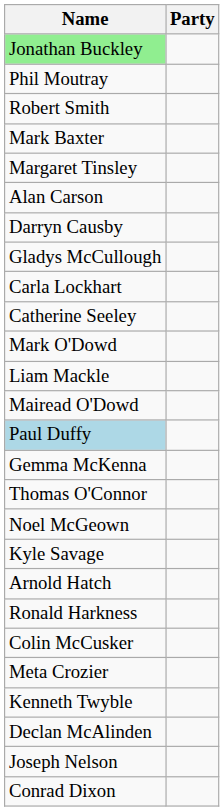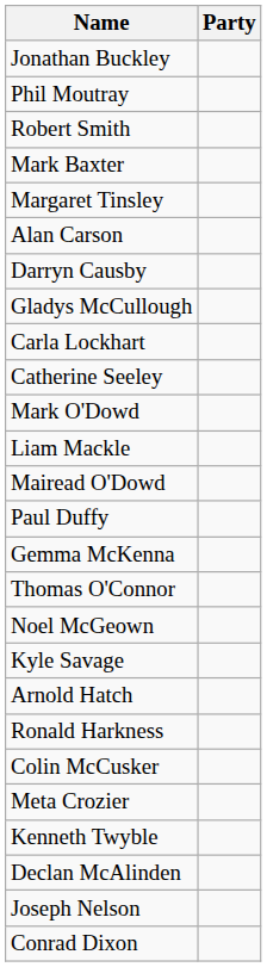 <table class="wikitable">
 <tr>
 <th>Name</th>
 <th colspan=2>Party</th>
 </tr>
 <tr>
-<td style="background: lightgreen;">Jonathan Buckley</td>
+<td>Jonathan Buckley</td>
 <td></td>
 </tr>
 <tr>
 <td>Phil Moutray</td>
 <td></td>
 </tr>
 <tr>
 <td>Robert Smith</td>
 <td></td>
 </tr>
 <tr>
 <td>Mark Baxter</td>
 <td></td>
 </tr>
 <tr>
 <td>Margaret Tinsley</td>
 <td></td>
 </tr>
 <tr>
 <td>Alan Carson</td>
 <td></td>
 </tr>
 <tr>
 <td>Darryn Causby</td>
 <td></td>
 </tr>
 <tr>
 <td>Gladys McCullough</td>
 <td></td>
 </tr>
 <tr>
 <td>Carla Lockhart</td>
 <td></td>
 </tr>
 <tr>
 <td>Catherine Seeley</td>
 <td></td>
 </tr>
 <tr>
 <td>Mark O'Dowd</td>
 <td></td>
 </tr>
 <tr>
 <td>Liam Mackle</td>
 <td></td>
 </tr>
 <tr>
 <td>Mairead O'Dowd</td>
 <td></td>
 </tr>
 <tr>
-<td style="background: lightblue;">Paul Duffy</td>
+<td>Paul Duffy</td>
 <td></td>
 </tr>
 <tr>
 <td>Gemma McKenna</td>
 <td></td>
 </tr>
 <tr>
 <td>Thomas O'Connor</td>
 <td></td>
 </tr>
 <tr>
 <td>Noel McGeown</td>
 <td></td>
 </tr>
 <tr>
 <td>Kyle Savage</td>
 <td></td>
 </tr>
 <tr>
 <td>Arnold Hatch</td>
 <td></td>
 </tr>
 <tr>
 <td>Ronald Harkness</td>
 <td></td>
 </tr>
 <tr>
 <td>Colin McCusker</td>
 <td></td>
 </tr>
 <tr>
 <td>Meta Crozier</td>
 <td></td>
 </tr>
 <tr>
 <td>Kenneth Twyble</td>
 <td></td>
 </tr>
 <tr>
 <td>Declan McAlinden</td>
 <td></td>
 </tr>
 <tr>
 <td>Joseph Nelson</td>
 <td></td>
 </tr>
 <tr>
 <td>Conrad Dixon</td>
 <td></td>
 </tr>
 </table>
